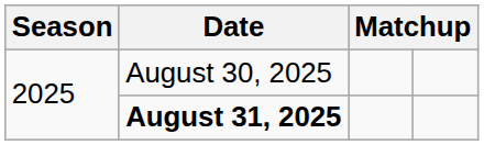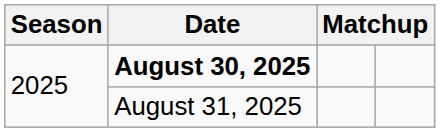 <table class="wikitable">
 <tr>
 <th>Season</th>
 <th>Date</th>
 <th colspan="2">Matchup</th>
 </tr>
 <tr>
 <td rowspan=2>2025</td>
-<td>August 30, 2025</td>
+<td><strong>August 30, 2025</strong></td>
 <td><strong><a href='#'></a></strong></td>
 <td><strong><a href='#'></a></strong></td>
 </tr>
 <tr>
-<td><strong>August 31, 2025</strong></td>
+<td>August 31, 2025</td>
 <td><strong><a href='#'></a></strong></td>
 <td><strong><a href='#'></a></strong></td>
 </tr>
 </table>
